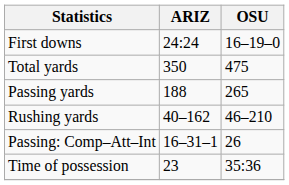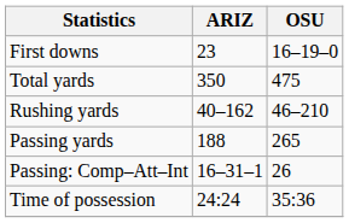 <table class="wikitable" style="float: left;">
 <tr>
 <th>Statistics</th>
 <th>ARIZ</th>
 <th>OSU</th>
 </tr>
 <tr>
 <td>First downs</td>
-<td>24:24</td>
+<td>23</td>
 <td>16–19–0</td>
 </tr>
 <tr>
 <td>Total yards</td>
 <td>350</td>
 <td>475</td>
 </tr>
 <tr>
+<td>Rushing yards</td>
+<td>40–162</td>
+<td>46–210</td>
+</tr>
+<tr>
 <td>Passing yards</td>
 <td>188</td>
 <td>265</td>
-</tr>
-<tr>
-<td>Rushing yards</td>
-<td>40–162</td>
-<td>46–210</td>
 </tr>
 <tr>
 <td>Passing: Comp–Att–Int</td>
 <td>16–31–1</td>
 <td>26</td>
 </tr>
 <tr>
 <td>Time of possession</td>
-<td>23</td>
+<td>24:24</td>
 <td>35:36</td>
 </tr>
 <tr>
 </tr>
 </table>
